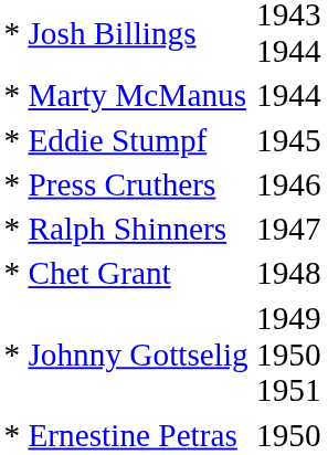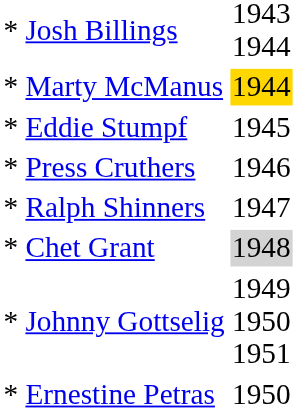 <table>
 <tr>
 <td>* <a href='#'>Josh Billings</a></td>
 <td>1943<br>1944</td>
 </tr>
 <tr>
 <td>* <a href='#'>Marty McManus</a></td>
-<td>1944</td>
+<td style="background: gold;">1944</td>
 </tr>
 <tr>
 <td>* <a href='#'>Eddie Stumpf</a></td>
 <td>1945</td>
 </tr>
 <tr>
 <td>* <a href='#'>Press Cruthers</a></td>
 <td>1946</td>
 </tr>
 <tr>
 <td>* <a href='#'>Ralph Shinners</a></td>
 <td>1947</td>
 </tr>
 <tr>
 <td>*  <a href='#'>Chet Grant</a></td>
-<td>1948</td>
+<td style="background: lightgrey;">1948</td>
 </tr>
 <tr>
 <td>* <a href='#'>Johnny Gottselig</a></td>
 <td>1949<br>1950<br>1951</td>
 </tr>
 <tr>
 <td>* <a href='#'>Ernestine Petras</a></td>
 <td>1950</td>
 </tr>
 </table>
